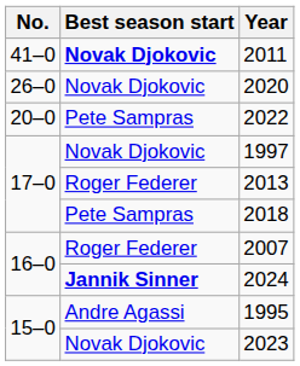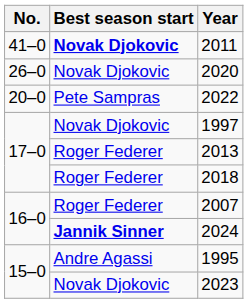 <table class="wikitable" style="display:inline-table;">
 <tr>
 <th>No.</th>
 <th>Best season start</th>
 <th>Year</th>
 </tr>
 <tr>
 <td>41–0</td>
 <td> <strong><a href='#'>Novak Djokovic</a></strong></td>
 <td>2011</td>
 </tr>
 <tr>
 <td>26–0</td>
 <td> <a href='#'>Novak Djokovic</a></td>
 <td>2020</td>
 </tr>
 <tr>
 <td>20–0</td>
 <td> <a href='#'>Pete Sampras</a></td>
 <td>2022</td>
 </tr>
 <tr>
 <td rowspan=3>17–0</td>
 <td> <a href='#'>Novak Djokovic</a></td>
 <td>1997</td>
 </tr>
 <tr>
 <td> <a href='#'>Roger Federer</a></td>
 <td>2013</td>
 </tr>
 <tr>
-<td> <a href='#'>Pete Sampras</a></td>
+<td> <a href='#'>Roger Federer</a></td>
 <td>2018</td>
 </tr>
 <tr>
 <td rowspan=2>16–0</td>
 <td> <a href='#'>Roger Federer</a></td>
 <td>2007</td>
 </tr>
 <tr>
 <td> <strong><a href='#'>Jannik Sinner</a></strong></td>
 <td>2024</td>
 </tr>
 <tr>
 <td rowspan=2>15–0</td>
 <td> <a href='#'>Andre Agassi</a></td>
 <td>1995</td>
 </tr>
 <tr>
 <td> <a href='#'>Novak Djokovic</a></td>
 <td>2023</td>
 </tr>
 </table>
